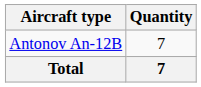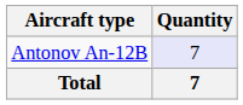 <table class="wikitable" style="margin:1em auto;">
 <tr>
 <th>Aircraft type</th>
 <th>Quantity</th>
 </tr>
 <tr>
 <td><a href='#'>Antonov An-12B</a></td>
-<td align=center>7</td>
+<td align=center style="background: lavender;">7</td>
 </tr>
 <tr>
 <th>Total</th>
 <th>7</th>
 </tr>
 </table>
